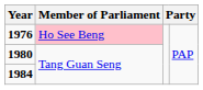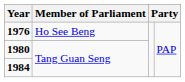 <table class="wikitable">
 <tr>
 <th>Year</th>
 <th>Member of Parliament</th>
 <th colspan="2">Party</th>
 </tr>
 <tr>
 <td><strong>1976</strong></td>
-<td style="background: pink;"><a href='#'>Ho See Beng</a></td>
+<td><a href='#'>Ho See Beng</a></td>
 <td rowspan="3"></td>
 <td rowspan="3"><a href='#'>PAP</a></td>
 </tr>
 <tr>
 <td><strong>1980</strong></td>
 <td rowspan="2"><a href='#'>Tang Guan Seng</a></td>
 </tr>
 <tr>
 <td><strong>1984</strong></td>
 </tr>
 </table>
